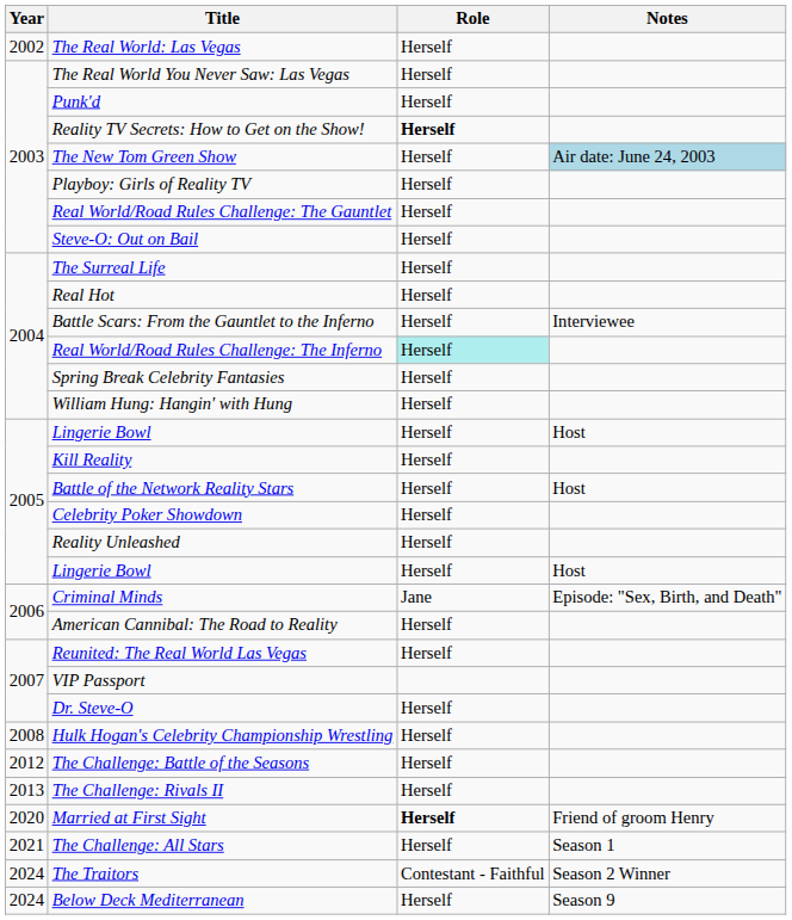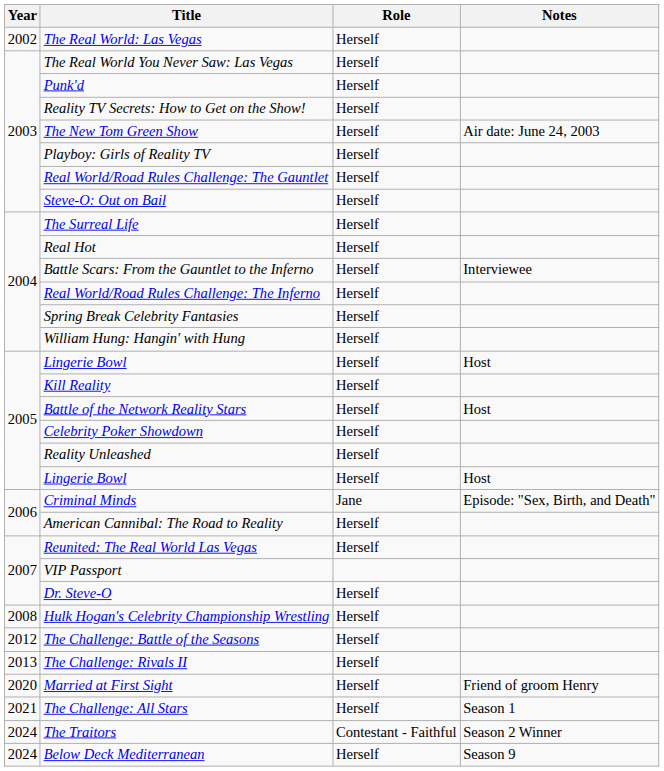 <table class="wikitable sortable">
 <tr>
 <th>Year</th>
 <th>Title</th>
 <th>Role</th>
 <th>Notes</th>
 </tr>
 <tr>
 <td>2002</td>
 <td><em><a href='#'>The Real World: Las Vegas</a></em></td>
 <td>Herself</td>
 <td></td>
 </tr>
 <tr>
 <td rowspan=7>2003</td>
 <td><em>The Real World You Never Saw: Las Vegas</em></td>
 <td>Herself</td>
 <td></td>
 </tr>
 <tr>
 <td><em><a href='#'>Punk'd</a></em></td>
 <td>Herself</td>
 <td></td>
 </tr>
 <tr>
 <td><em>Reality TV Secrets: How to Get on the Show!</em></td>
-<td><strong>Herself</strong></td>
+<td>Herself</td>
 <td></td>
 </tr>
 <tr>
 <td><em><a href='#'>The New Tom Green Show</a></em></td>
 <td>Herself</td>
-<td style="background: lightblue;">Air date: June 24, 2003</td>
+<td>Air date: June 24, 2003</td>
 </tr>
 <tr>
 <td><em>Playboy: Girls of Reality TV</em></td>
 <td>Herself</td>
 <td></td>
 </tr>
 <tr>
 <td><em><a href='#'>Real World/Road Rules Challenge: The Gauntlet</a></em></td>
 <td>Herself</td>
 <td></td>
 </tr>
 <tr>
 <td><em><a href='#'>Steve-O: Out on Bail</a></em></td>
 <td>Herself</td>
 <td></td>
 </tr>
 <tr>
 <td rowspan=6>2004</td>
 <td><em><a href='#'>The Surreal Life</a></em></td>
 <td>Herself</td>
 <td></td>
 </tr>
 <tr>
 <td><em>Real Hot</em></td>
 <td>Herself</td>
 <td></td>
 </tr>
 <tr>
 <td><em>Battle Scars: From the Gauntlet to the Inferno</em></td>
 <td>Herself</td>
 <td>Interviewee</td>
 </tr>
 <tr>
 <td><em><a href='#'>Real World/Road Rules Challenge: The Inferno</a></em></td>
-<td style="background: paleturquoise;">Herself</td>
+<td>Herself</td>
 <td></td>
 </tr>
 <tr>
 <td><em>Spring Break Celebrity Fantasies</em></td>
 <td>Herself</td>
 <td></td>
 </tr>
 <tr>
 <td><em>William Hung: Hangin' with Hung</em></td>
 <td>Herself</td>
 <td></td>
 </tr>
 <tr>
 <td rowspan=6>2005</td>
 <td><em><a href='#'>Lingerie Bowl</a></em></td>
 <td>Herself</td>
 <td>Host</td>
 </tr>
 <tr>
 <td><em><a href='#'>Kill Reality</a></em></td>
 <td>Herself</td>
 <td></td>
 </tr>
 <tr>
 <td><em><a href='#'>Battle of the Network Reality Stars</a></em></td>
 <td>Herself</td>
 <td>Host</td>
 </tr>
 <tr>
 <td><em><a href='#'>Celebrity Poker Showdown</a></em></td>
 <td>Herself</td>
 <td></td>
 </tr>
 <tr>
 <td><em>Reality Unleashed</em></td>
 <td>Herself</td>
 <td></td>
 </tr>
 <tr>
 <td><em><a href='#'>Lingerie Bowl</a></em></td>
 <td>Herself</td>
 <td>Host</td>
 </tr>
 <tr>
 <td rowspan=2>2006</td>
 <td><em><a href='#'>Criminal Minds</a></em></td>
 <td>Jane</td>
 <td>Episode: "Sex, Birth, and Death"</td>
 </tr>
 <tr>
 <td><em>American Cannibal: The Road to Reality</em></td>
 <td>Herself</td>
 <td></td>
 </tr>
 <tr>
 <td rowspan=3>2007</td>
 <td><em><a href='#'>Reunited: The Real World Las Vegas</a></em></td>
 <td>Herself</td>
 <td></td>
 </tr>
 <tr>
 <td><em>VIP Passport</em></td>
 <td></td>
 <td></td>
 </tr>
 <tr>
 <td><em><a href='#'>Dr. Steve-O</a></em></td>
 <td>Herself</td>
 <td></td>
 </tr>
 <tr>
 <td>2008</td>
 <td><em><a href='#'>Hulk Hogan's Celebrity Championship Wrestling</a></em></td>
 <td>Herself</td>
 <td></td>
 </tr>
 <tr>
 <td>2012</td>
 <td><em><a href='#'>The Challenge: Battle of the Seasons</a></em></td>
 <td>Herself</td>
 <td></td>
 </tr>
 <tr>
 <td>2013</td>
 <td><em><a href='#'>The Challenge: Rivals II</a></em></td>
 <td>Herself</td>
 <td></td>
 </tr>
 <tr>
 <td>2020</td>
 <td><em><a href='#'>Married at First Sight</a></em></td>
-<td><strong>Herself</strong></td>
+<td>Herself</td>
 <td>Friend of groom Henry</td>
 </tr>
 <tr>
 <td>2021</td>
 <td><em><a href='#'>The Challenge: All Stars</a></em></td>
 <td>Herself</td>
 <td>Season 1</td>
 </tr>
 <tr>
 <td>2024</td>
 <td><em><a href='#'>The Traitors</a></em></td>
 <td>Contestant - Faithful</td>
 <td>Season 2 Winner</td>
 </tr>
 <tr>
 <td>2024</td>
 <td><em><a href='#'>Below Deck Mediterranean</a></em></td>
 <td>Herself</td>
 <td>Season 9</td>
 </tr>
 </table>
